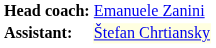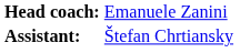 <table>
 <tr>
 <td><strong>Head coach:</strong></td>
 <td><a href='#'>Emanuele Zanini</a></td>
 </tr>
 <tr>
 <td><strong>Assistant:</strong></td>
-<td style="background: lightyellow;"><a href='#'>Štefan Chrtiansky</a></td>
+<td><a href='#'>Štefan Chrtiansky</a></td>
 </tr>
 </table>
